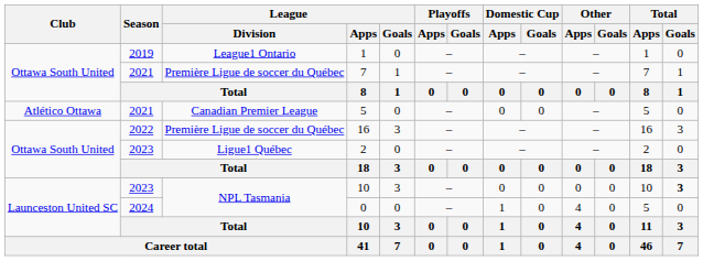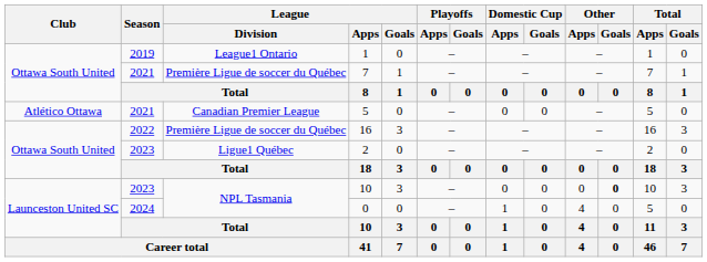 <table class="wikitable" style="text-align: center">
 <tr>
 <th rowspan="2">Club</th>
 <th rowspan="2">Season</th>
 <th colspan="3">League</th>
 <th colspan="2">Playoffs</th>
 <th colspan="2">Domestic Cup</th>
 <th colspan="2">Other</th>
 <th colspan="2">Total</th>
 </tr>
 <tr>
 <th>Division</th>
 <th>Apps</th>
 <th>Goals</th>
 <th>Apps</th>
 <th>Goals</th>
 <th>Apps</th>
 <th>Goals</th>
 <th>Apps</th>
 <th>Goals</th>
 <th>Apps</th>
 <th>Goals</th>
 </tr>
 <tr>
 <td rowspan=3><a href='#'>Ottawa South United</a></td>
 <td><a href='#'>2019</a></td>
 <td><a href='#'>League1 Ontario</a></td>
 <td>1</td>
 <td>0</td>
 <td colspan="2">–</td>
 <td colspan="2">–</td>
 <td colspan="2">–</td>
 <td>1</td>
 <td>0</td>
 </tr>
 <tr>
 <td><a href='#'>2021</a></td>
 <td><a href='#'>Première Ligue de soccer du Québec</a></td>
 <td>7</td>
 <td>1</td>
 <td colspan="2">–</td>
 <td colspan="2">–</td>
 <td colspan="2">–</td>
 <td>7</td>
 <td>1</td>
 </tr>
 <tr>
 <th colspan="2">Total</th>
 <th>8</th>
 <th>1</th>
 <th>0</th>
 <th>0</th>
 <th>0</th>
 <th>0</th>
 <th>0</th>
 <th>0</th>
 <th>8</th>
 <th>1</th>
 </tr>
 <tr>
 <td><a href='#'>Atlético Ottawa</a></td>
 <td><a href='#'>2021</a></td>
 <td><a href='#'>Canadian Premier League</a></td>
 <td>5</td>
 <td>0</td>
 <td colspan="2">–</td>
 <td>0</td>
 <td>0</td>
 <td colspan="2">–</td>
 <td>5</td>
 <td>0</td>
 </tr>
 <tr>
 <td rowspan=3><a href='#'>Ottawa South United</a></td>
 <td><a href='#'>2022</a></td>
 <td><a href='#'>Première Ligue de soccer du Québec</a></td>
 <td>16</td>
 <td>3</td>
 <td colspan="2">–</td>
 <td colspan="2">–</td>
 <td colspan="2">–</td>
 <td>16</td>
 <td>3</td>
 </tr>
 <tr>
 <td><a href='#'>2023</a></td>
 <td><a href='#'>Ligue1 Québec</a></td>
 <td>2</td>
 <td>0</td>
 <td colspan="2">–</td>
 <td colspan="2">–</td>
 <td colspan="2">–</td>
 <td>2</td>
 <td>0</td>
 </tr>
 <tr>
 <th colspan="2">Total</th>
 <th>18</th>
 <th>3</th>
 <th>0</th>
 <th>0</th>
 <th>0</th>
 <th>0</th>
 <th>0</th>
 <th>0</th>
 <th>18</th>
 <th>3</th>
 </tr>
 <tr>
 <td rowspan=3><a href='#'>Launceston United SC</a></td>
 <td><a href='#'>2023</a></td>
 <td rowspan=2><a href='#'>NPL Tasmania</a></td>
 <td>10</td>
 <td>3</td>
 <td colspan="2">–</td>
 <td>0</td>
 <td>0</td>
 <td>0</td>
-<td>0</td>
+<td><strong>0</strong></td>
 <td>10</td>
-<td><strong>3</strong></td>
+<td>3</td>
 </tr>
 <tr>
 <td><a href='#'>2024</a></td>
 <td>0</td>
 <td>0</td>
 <td colspan="2">–</td>
 <td>1</td>
 <td>0</td>
 <td>4</td>
 <td>0</td>
 <td>5</td>
 <td>0</td>
 </tr>
 <tr>
 <th colspan="2">Total</th>
 <th>10</th>
 <th>3</th>
 <th>0</th>
 <th>0</th>
 <th>1</th>
 <th>0</th>
 <th>4</th>
 <th>0</th>
 <th>11</th>
 <th>3</th>
 </tr>
 <tr>
 <th colspan="3"><strong>Career total</strong></th>
 <th>41</th>
 <th>7</th>
 <th>0</th>
 <th>0</th>
 <th>1</th>
 <th>0</th>
 <th>4</th>
 <th>0</th>
 <th>46</th>
 <th>7</th>
 </tr>
 </table>
